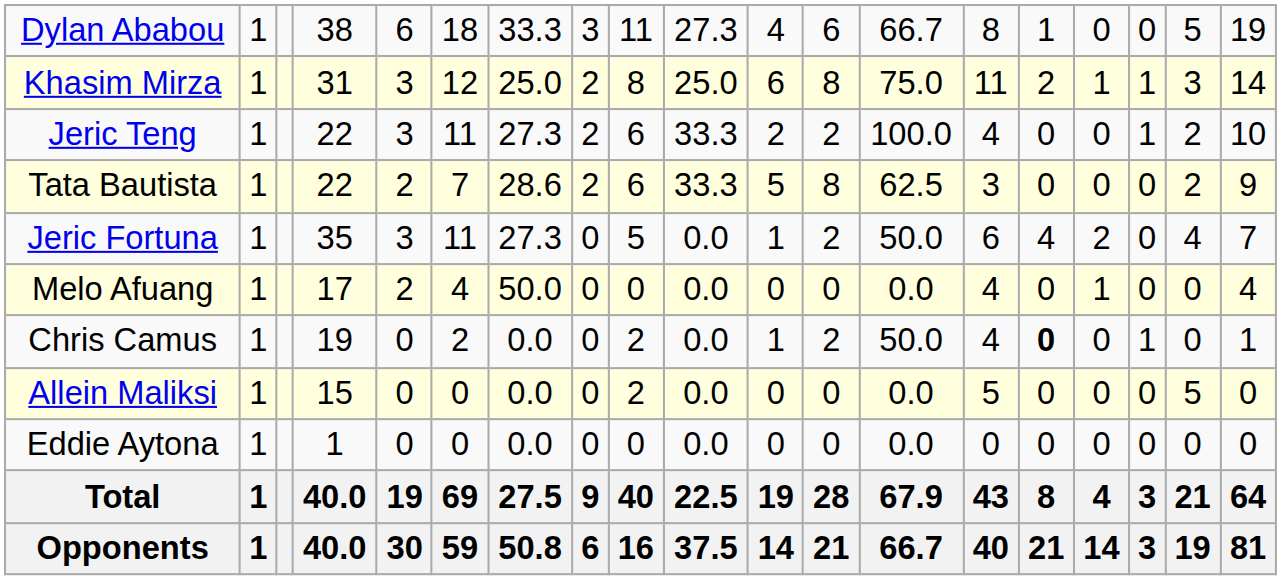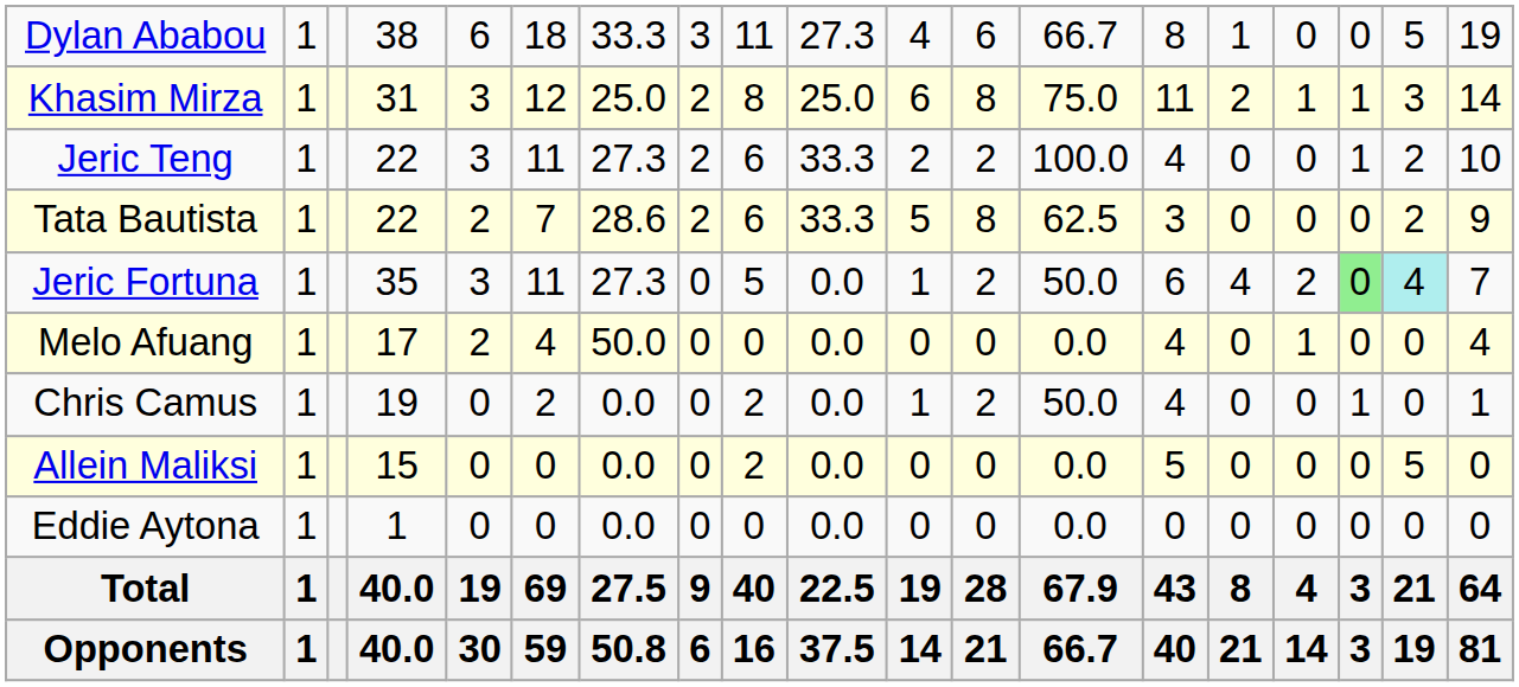 <table class=wikitable width=100%>
 <tr align=center>
 <td><a href='#'>Dylan Ababou</a></td>
 <td>1</td>
 <td></td>
 <td style=>38</td>
 <td>6</td>
 <td>18</td>
 <td>33.3</td>
 <td>3</td>
 <td>11</td>
 <td>27.3</td>
 <td>4</td>
 <td>6</td>
 <td>66.7</td>
 <td>8</td>
 <td>1</td>
 <td>0</td>
 <td>0</td>
 <td>5</td>
 <td style=>19</td>
 </tr>
 <tr bgcolor=#ffffdd align=center>
 <td><a href='#'>Khasim Mirza</a></td>
 <td>1</td>
 <td></td>
 <td>31</td>
 <td>3</td>
 <td>12</td>
 <td>25.0</td>
 <td>2</td>
 <td>8</td>
 <td>25.0</td>
 <td>6</td>
 <td>8</td>
 <td>75.0</td>
 <td style=>11</td>
 <td>2</td>
 <td>1</td>
 <td style=>1</td>
 <td>3</td>
 <td>14</td>
 </tr>
 <tr align=center>
 <td><a href='#'>Jeric Teng</a></td>
 <td>1</td>
 <td></td>
 <td>22</td>
 <td>3</td>
 <td>11</td>
 <td>27.3</td>
 <td>2</td>
 <td>6</td>
 <td style=>33.3</td>
 <td>2</td>
 <td>2</td>
 <td style=>100.0</td>
 <td>4</td>
 <td>0</td>
 <td>0</td>
 <td style=>1</td>
 <td>2</td>
 <td>10</td>
 </tr>
 <tr bgcolor=#ffffdd align=center>
 <td>Tata Bautista</td>
 <td>1</td>
 <td></td>
 <td>22</td>
 <td>2</td>
 <td>7</td>
 <td>28.6</td>
 <td>2</td>
 <td>6</td>
 <td style=>33.3</td>
 <td>5</td>
 <td>8</td>
 <td>62.5</td>
 <td>3</td>
 <td>0</td>
 <td>0</td>
 <td>0</td>
 <td>2</td>
 <td>9</td>
 </tr>
 <tr align=center>
 <td><a href='#'>Jeric Fortuna</a></td>
 <td>1</td>
 <td></td>
 <td>35</td>
 <td>3</td>
 <td>11</td>
 <td>27.3</td>
 <td>0</td>
 <td>5</td>
 <td>0.0</td>
 <td>1</td>
 <td>2</td>
 <td>50.0</td>
 <td>6</td>
 <td style=>4</td>
 <td style=>2</td>
-<td>0</td>
-<td>4</td>
+<td style="background: lightgreen;">0</td>
+<td style="background: paleturquoise;">4</td>
 <td>7</td>
 </tr>
 <tr bgcolor=#ffffdd align=center>
 <td>Melo Afuang</td>
 <td>1</td>
 <td></td>
 <td>17</td>
 <td>2</td>
 <td>4</td>
 <td style=>50.0</td>
 <td>0</td>
 <td>0</td>
 <td>0.0</td>
 <td>0</td>
 <td>0</td>
 <td>0.0</td>
 <td>4</td>
 <td>0</td>
 <td>1</td>
 <td>0</td>
 <td>0</td>
 <td>4</td>
 </tr>
 <tr align=center>
 <td>Chris Camus</td>
 <td>1</td>
 <td></td>
 <td>19</td>
 <td>0</td>
 <td>2</td>
 <td>0.0</td>
 <td>0</td>
 <td>2</td>
 <td>0.0</td>
 <td>1</td>
 <td>2</td>
 <td>50.0</td>
 <td>4</td>
-<td><strong>0</strong></td>
+<td>0</td>
 <td>0</td>
 <td style=>1</td>
 <td>0</td>
 <td>1</td>
 </tr>
 <tr bgcolor=#ffffdd align=center>
 <td><a href='#'>Allein Maliksi</a></td>
 <td>1</td>
 <td></td>
 <td>15</td>
 <td>0</td>
 <td>0</td>
 <td>0.0</td>
 <td>0</td>
 <td>2</td>
 <td>0.0</td>
 <td>0</td>
 <td>0</td>
 <td>0.0</td>
 <td>5</td>
 <td>0</td>
 <td>0</td>
 <td>0</td>
 <td>5</td>
 <td>0</td>
 </tr>
 <tr align=center>
 <td>Eddie Aytona</td>
 <td>1</td>
 <td></td>
 <td>1</td>
 <td>0</td>
 <td>0</td>
 <td>0.0</td>
 <td>0</td>
 <td>0</td>
 <td>0.0</td>
 <td>0</td>
 <td>0</td>
 <td>0.0</td>
 <td>0</td>
 <td>0</td>
 <td>0</td>
 <td>0</td>
 <td>0</td>
 <td>0</td>
 </tr>
 <tr class=sortbottom>
 <th>Total</th>
 <th>1</th>
 <th></th>
 <th>40.0</th>
 <th>19</th>
 <th>69</th>
 <th>27.5</th>
 <th>9</th>
 <th>40</th>
 <th>22.5</th>
 <th>19</th>
 <th>28</th>
 <th>67.9</th>
 <th>43</th>
 <th>8</th>
 <th>4</th>
 <th>3</th>
 <th>21</th>
 <th>64</th>
 </tr>
 <tr class=sortbottom>
 <th>Opponents</th>
 <th>1</th>
 <th></th>
 <th>40.0</th>
 <th>30</th>
 <th>59</th>
 <th>50.8</th>
 <th>6</th>
 <th>16</th>
 <th>37.5</th>
 <th>14</th>
 <th>21</th>
 <th>66.7</th>
 <th>40</th>
 <th>21</th>
 <th>14</th>
 <th>3</th>
 <th>19</th>
 <th>81</th>
 </tr>
 </table>
